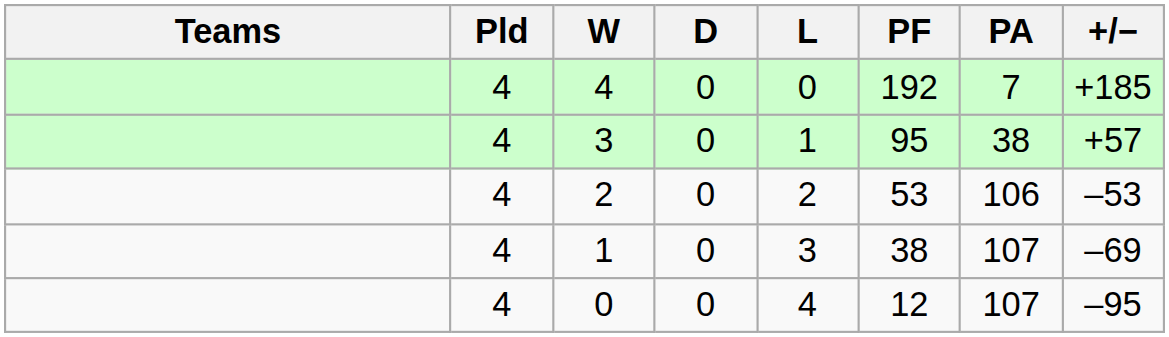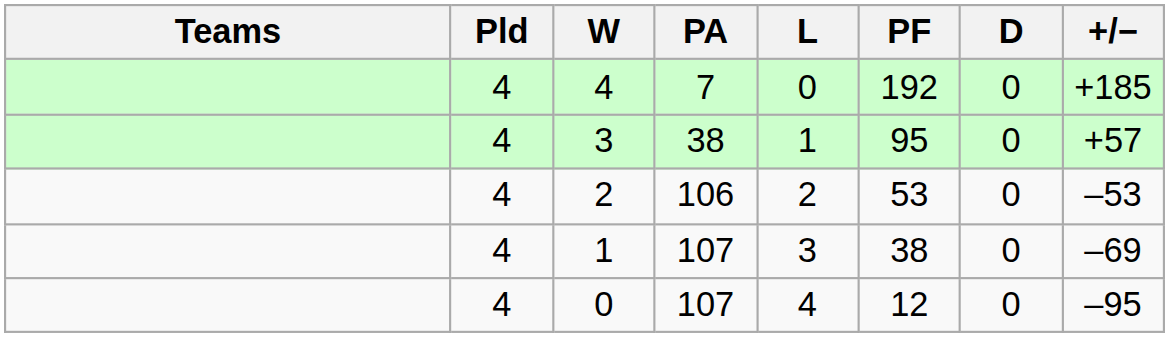 <table class="wikitable" style="text-align: center;">
 <tr>
 <th width="200">Teams</th>
 <th width="40">Pld</th>
 <th width="40">W</th>
-<th width="40">D</th>
+<th width="40">PA</th>
 <th width="40">L</th>
 <th width="40">PF</th>
-<th width="40">PA</th>
+<th width="40">D</th>
 <th width="40">+/−</th>
 </tr>
 <tr bgcolor=ccffcc>
 <td align=left></td>
 <td>4</td>
 <td>4</td>
-<td>0</td>
+<td>7</td>
 <td>0</td>
 <td>192</td>
-<td>7</td>
+<td>0</td>
 <td>+185</td>
 </tr>
 <tr bgcolor=ccffcc>
 <td align=left></td>
 <td>4</td>
 <td>3</td>
-<td>0</td>
+<td>38</td>
 <td>1</td>
 <td>95</td>
-<td>38</td>
+<td>0</td>
 <td>+57</td>
 </tr>
 <tr>
 <td align=left></td>
 <td>4</td>
 <td>2</td>
-<td>0</td>
+<td>106</td>
 <td>2</td>
 <td>53</td>
-<td>106</td>
+<td>0</td>
 <td>–53</td>
 </tr>
 <tr>
 <td align=left></td>
 <td>4</td>
 <td>1</td>
-<td>0</td>
+<td>107</td>
 <td>3</td>
 <td>38</td>
-<td>107</td>
+<td>0</td>
 <td>–69</td>
 </tr>
 <tr>
 <td align=left></td>
 <td>4</td>
 <td>0</td>
-<td>0</td>
+<td>107</td>
 <td>4</td>
 <td>12</td>
-<td>107</td>
+<td>0</td>
 <td>–95</td>
 </tr>
 </table>
